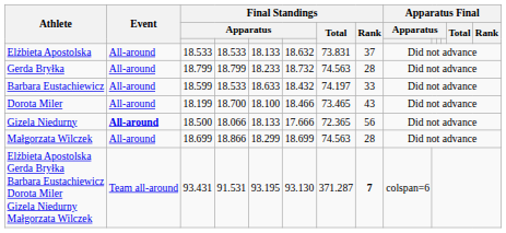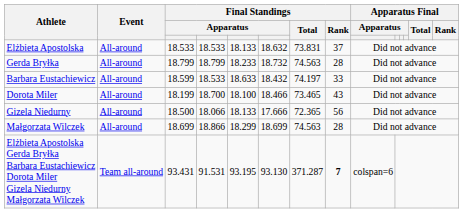 <table class="wikitable" style="font-size:90%">
 <tr>
 <th rowspan="3">Athlete</th>
 <th rowspan="3">Event</th>
 <th colspan =6>Final Standings</th>
 <th colspan =6>Apparatus Final</th>
 </tr>
 <tr style="font-size:95%">
 <th colspan=4>Apparatus</th>
 <th rowspan=2>Total</th>
 <th rowspan=2>Rank</th>
 <th colspan=4>Apparatus</th>
 <th rowspan=2>Total</th>
 <th rowspan=2>Rank</th>
 </tr>
 <tr style="font-size:95%">
 <th></th>
 <th></th>
 <th></th>
 <th></th>
 <th></th>
 <th></th>
 <th></th>
 <th></th>
 </tr>
 <tr align=center>
 <td align=left><a href='#'>Elżbieta Apostolska</a></td>
 <td align=left><a href='#'>All-around</a></td>
 <td>18.533</td>
 <td>18.533</td>
 <td>18.133</td>
 <td>18.632</td>
 <td>73.831</td>
 <td>37</td>
 <td colspan=6>Did not advance</td>
 </tr>
 <tr align=center>
 <td align=left><a href='#'>Gerda Bryłka</a></td>
 <td align=left><a href='#'>All-around</a></td>
 <td>18.799</td>
 <td>18.799</td>
 <td>18.233</td>
 <td>18.732</td>
 <td>74.563</td>
 <td>28</td>
 <td colspan=6>Did not advance</td>
 </tr>
 <tr align=center>
 <td align=left><a href='#'>Barbara Eustachiewicz</a></td>
 <td align=left><a href='#'>All-around</a></td>
 <td>18.599</td>
 <td>18.533</td>
 <td>18.633</td>
 <td>18.432</td>
 <td>74.197</td>
 <td>33</td>
 <td colspan=6>Did not advance</td>
 </tr>
 <tr align=center>
 <td align=left><a href='#'>Dorota Miler</a></td>
 <td align=left><a href='#'>All-around</a></td>
 <td>18.199</td>
 <td>18.700</td>
 <td>18.100</td>
 <td>18.466</td>
 <td>73.465</td>
 <td>43</td>
 <td colspan=6>Did not advance</td>
 </tr>
 <tr align=center>
 <td align=left><a href='#'>Gizela Niedurny</a></td>
-<td align=left><strong><a href='#'>All-around</a></strong></td>
+<td align=left><a href='#'>All-around</a></td>
 <td>18.500</td>
 <td>18.066</td>
 <td>18.133</td>
 <td>17.666</td>
 <td>72.365</td>
 <td>56</td>
 <td colspan=6>Did not advance</td>
 </tr>
 <tr align=center>
 <td align=left><a href='#'>Małgorzata Wilczek</a></td>
 <td align=left><a href='#'>All-around</a></td>
 <td>18.699</td>
 <td>18.866</td>
 <td>18.299</td>
 <td>18.699</td>
 <td>74.563</td>
 <td>28</td>
 <td colspan=6>Did not advance</td>
 </tr>
 <tr align=center>
 <td align=left><a href='#'>Elżbieta Apostolska</a><br><a href='#'>Gerda Bryłka</a><br><a href='#'>Barbara Eustachiewicz</a><br><a href='#'>Dorota Miler</a><br><a href='#'>Gizela Niedurny</a><br><a href='#'>Małgorzata Wilczek</a></td>
 <td align=left><a href='#'>Team all-around</a></td>
 <td>93.431</td>
 <td>91.531</td>
 <td>93.195</td>
 <td>93.130</td>
 <td>371.287</td>
 <td><strong>7</strong></td>
 <td>colspan=6 </td>
 </tr>
 </table>
